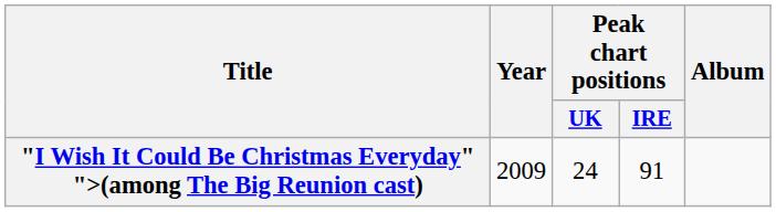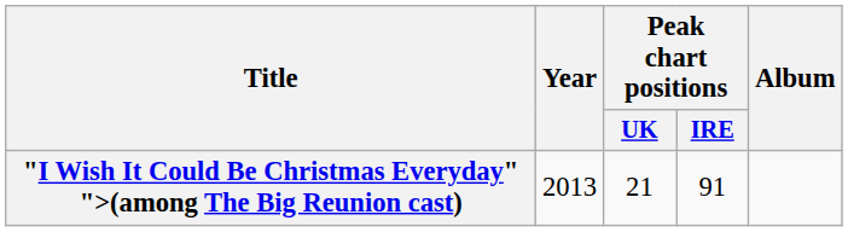 <table class="wikitable plainrowheaders" style="text-align:center;" border="1">
 <tr>
 <th scope="col" rowspan="2" style="width:19em;">Title</th>
 <th scope="col" rowspan="2">Year</th>
 <th scope="col" colspan="2">Peak<br>chart<br>positions</th>
 <th scope="col" rowspan="2">Album</th>
 </tr>
 <tr>
 <th scope="col" style="width:2.5em;font-size:90%;"><a href='#'>UK</a><br></th>
 <th scope="col" style="width:2.5em;font-size:90%;"><a href='#'>IRE</a><br></th>
 </tr>
 <tr>
 <th scope="row">"<a href='#'>I Wish It Could Be Christmas Everyday</a>"<br><span>">(among <a href='#'>The Big Reunion cast</a>)</span></th>
-<td>2009</td>
-<td>24</td>
+<td>2013</td>
+<td>21</td>
 <td>91</td>
 <td></td>
 </tr>
 </table>
